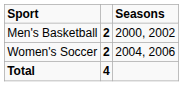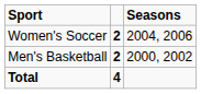 <table class="wikitable">
 <tr>
 <td><strong>Sport</strong></td>
 <td><strong></strong></td>
 <td><strong>Seasons</strong></td>
 </tr>
 <tr>
+<td>Women's Soccer</td>
+<td style="text-align:center;"><strong>2</strong></td>
+<td>2004, 2006</td>
+</tr>
+<tr>
 <td>Men's Basketball</td>
 <td style="text-align:center;"><strong>2</strong></td>
 <td>2000, 2002</td>
-</tr>
-<tr>
-<td>Women's Soccer</td>
-<td style="text-align:center;"><strong>2</strong></td>
-<td>2004, 2006</td>
 </tr>
 <tr>
 <td><strong>Total</strong></td>
 <td><strong>4</strong></td>
 <td></td>
 </tr>
 </table>
